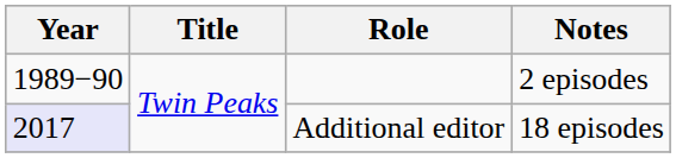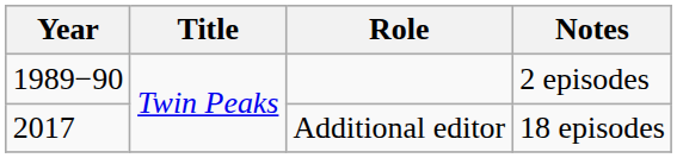 <table class="wikitable">
 <tr>
 <th>Year</th>
 <th>Title</th>
 <th>Role</th>
 <th>Notes</th>
 </tr>
 <tr>
 <td>1989−90</td>
 <td rowspan=2><em><a href='#'>Twin Peaks</a></em></td>
 <td></td>
 <td>2 episodes</td>
 </tr>
 <tr>
-<td style="background: lavender;">2017</td>
+<td>2017</td>
 <td>Additional editor</td>
 <td>18 episodes</td>
 </tr>
 </table>
